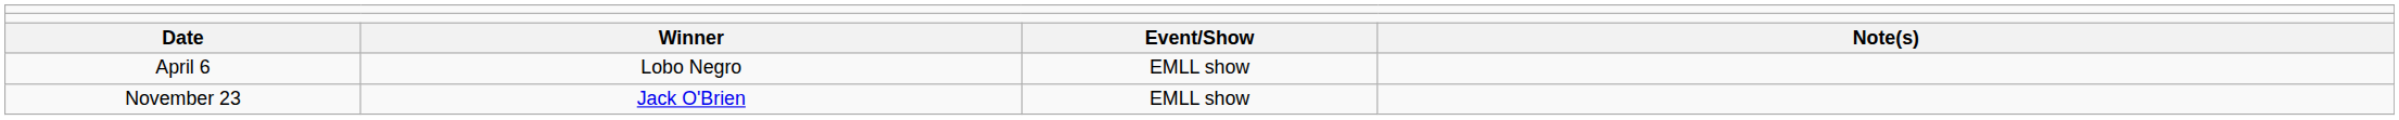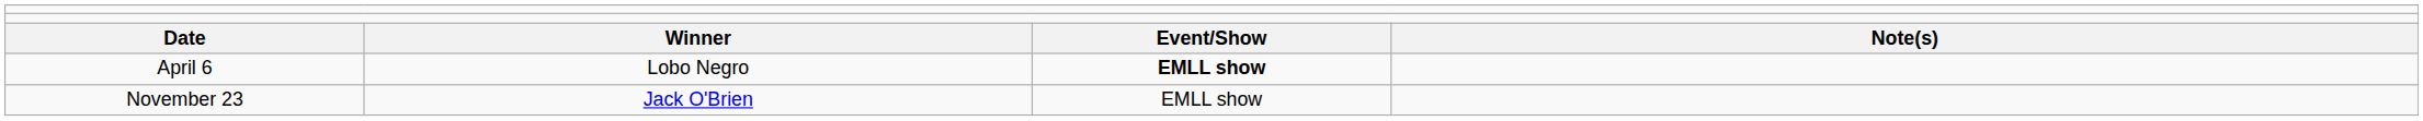 <table class="wikitable" style="text-align:center; width:100%;">
 <tr>
 <td colspan=5></td>
 </tr>
 <tr>
 <td colspan=5><strong></strong></td>
 </tr>
 <tr>
 <th width=14%>Date</th>
 <th width=26%>Winner</th>
 <th width=14%>Event/Show</th>
 <th width=40%>Note(s)</th>
 </tr>
 <tr>
 <td>April 6</td>
 <td>Lobo Negro</td>
-<td>EMLL show</td>
+<td><strong>EMLL show</strong></td>
 <td align=left></td>
 </tr>
 <tr>
 <td>November 23</td>
 <td><a href='#'>Jack O'Brien</a></td>
 <td>EMLL show</td>
 <td align=left></td>
 </tr>
 </table>
